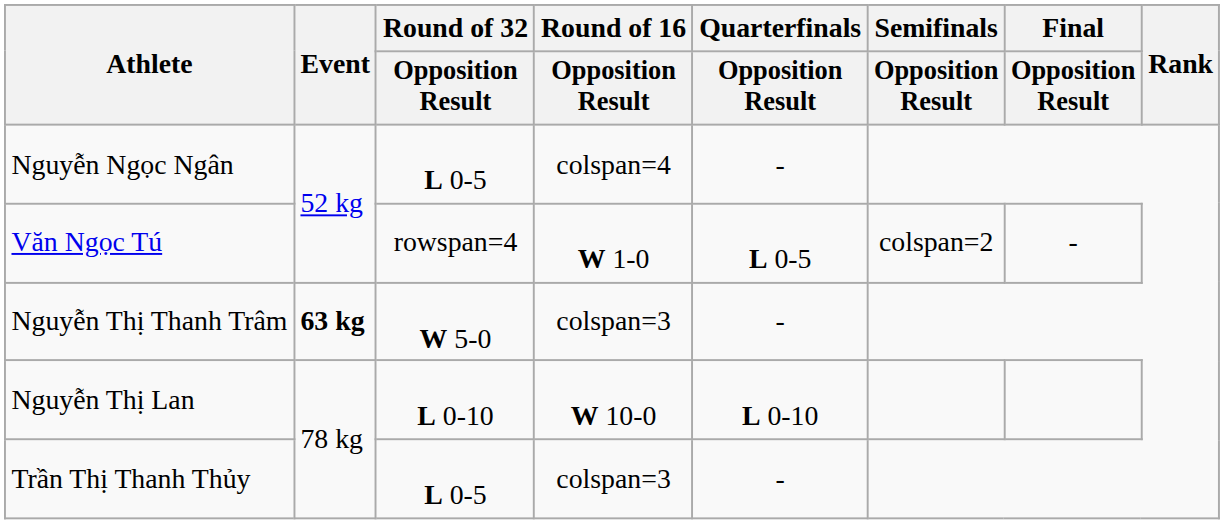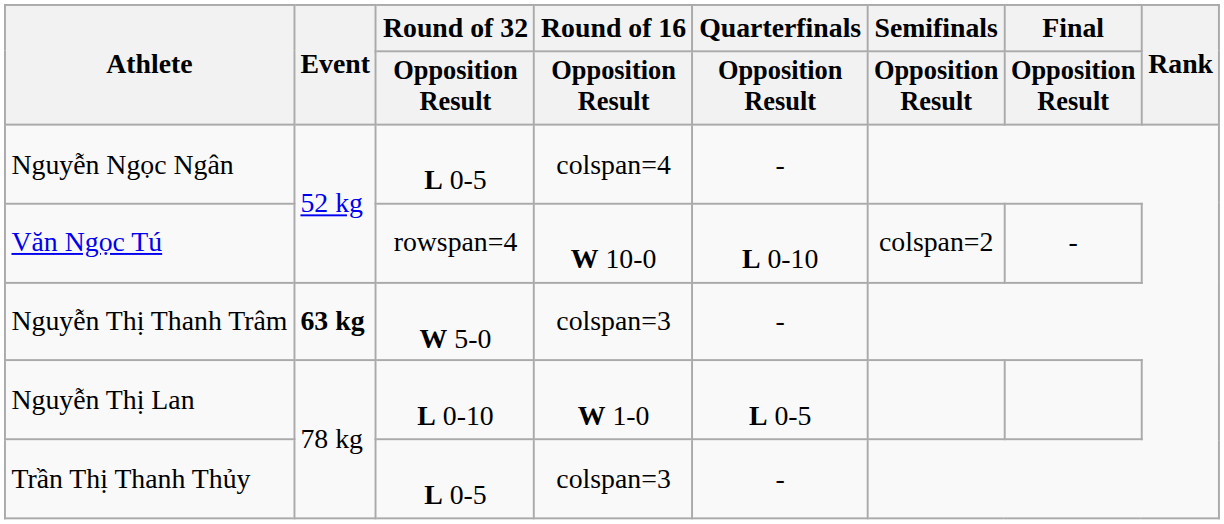 <table class=wikitable style=font-size:90%;text-align:center>
 <tr>
 <th rowspan="2">Athlete</th>
 <th rowspan="2">Event</th>
 <th>Round of 32</th>
 <th>Round of 16</th>
 <th>Quarterfinals</th>
 <th>Semifinals</th>
 <th>Final</th>
 <th rowspan="2">Rank</th>
 </tr>
 <tr style="font-size:95%">
 <th>Opposition<br>Result</th>
 <th>Opposition<br>Result</th>
 <th>Opposition<br>Result</th>
 <th>Opposition<br>Result</th>
 <th>Opposition<br>Result</th>
 </tr>
 <tr>
 <td align=left>Nguyễn Ngọc Ngân</td>
 <td rowspan=2 align=left><a href='#'>52 kg</a></td>
 <td><br><strong>L</strong> 0-5</td>
 <td>colspan=4</td>
 <td>-</td>
 </tr>
 <tr>
 <td align=left><a href='#'>Văn Ngọc Tú</a></td>
 <td>rowspan=4</td>
-<td><br><strong>W</strong> 1-0</td>
-<td><br><strong>L</strong> 0-5</td>
+<td><br><strong>W</strong> 10-0</td>
+<td><br><strong>L</strong> 0-10</td>
 <td>colspan=2</td>
 <td>-</td>
 </tr>
 <tr>
 <td align=left>Nguyễn Thị Thanh Trâm</td>
 <td align=left><strong>63 kg</strong></td>
 <td><br><strong>W</strong> 5-0</td>
 <td>colspan=3</td>
 <td>-</td>
 </tr>
 <tr>
 <td align=left>Nguyễn Thị Lan</td>
 <td rowspan=2 align=left>78 kg</td>
 <td><br><strong>L</strong> 0-10</td>
-<td><br><strong>W</strong> 10-0</td>
-<td><br><strong>L</strong> 0-10</td>
+<td><br><strong>W</strong> 1-0</td>
+<td><br><strong>L</strong> 0-5</td>
 <td></td>
 <td></td>
 </tr>
 <tr>
 <td align=left>Trần Thị Thanh Thủy</td>
 <td><br><strong>L</strong> 0-5</td>
 <td>colspan=3</td>
 <td>-</td>
 </tr>
 </table>
